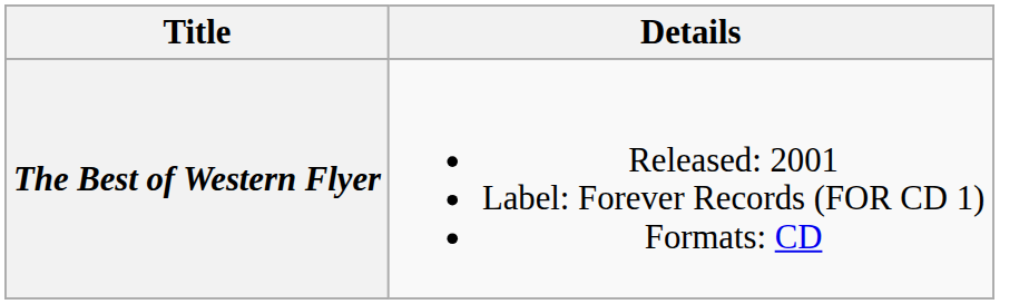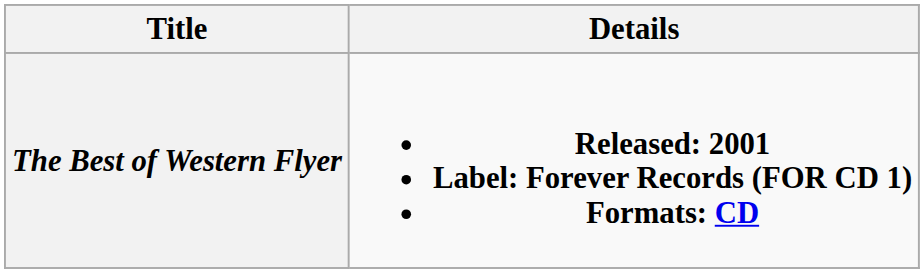 <table class="wikitable plainrowheaders" style="text-align:center;" border="1">
 <tr>
 <th>Title</th>
 <th>Details</th>
 </tr>
 <tr>
 <th scope="row"><em>The Best of Western Flyer</em></th>
-<td><br><ul><li>Released: 2001</li><li>Label: Forever Records (FOR CD 1)</li><li>Formats: <a href='#'>CD</a></li></ul></td>
+<td><strong><br><ul><li>Released: 2001</li><li>Label: Forever Records (FOR CD 1)</li><li>Formats: <a href='#'>CD</a></li></ul></strong></td>
 </tr>
 </table>
